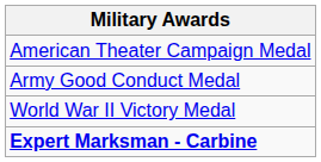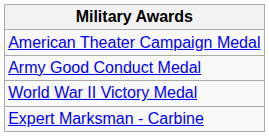 <table class="wikitable">
 <tr>
 <th>Military Awards</th>
 </tr>
 <tr>
 <td><a href='#'>American Theater Campaign Medal</a></td>
 </tr>
 <tr>
 <td><a href='#'>Army Good Conduct Medal</a></td>
 </tr>
 <tr>
 <td><a href='#'>World War II Victory Medal</a></td>
 </tr>
 <tr>
-<td><strong><a href='#'>Expert Marksman - Carbine</a></strong></td>
+<td><a href='#'>Expert Marksman - Carbine</a></td>
 </tr>
 </table>
